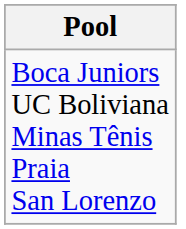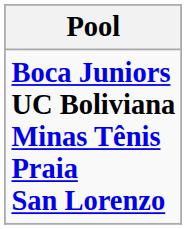 <table class="wikitable">
 <tr>
 <th>Pool</th>
 </tr>
 <tr>
-<td> <a href='#'>Boca Juniors</a><br> UC Boliviana<br>  <a href='#'>Minas Tênis</a><br> <a href='#'>Praia</a><br> <a href='#'>San Lorenzo</a></td>
+<td><strong> <a href='#'>Boca Juniors</a><br> UC Boliviana<br>  <a href='#'>Minas Tênis</a><br> <a href='#'>Praia</a><br> <a href='#'>San Lorenzo</a></strong></td>
 </tr>
 </table>
